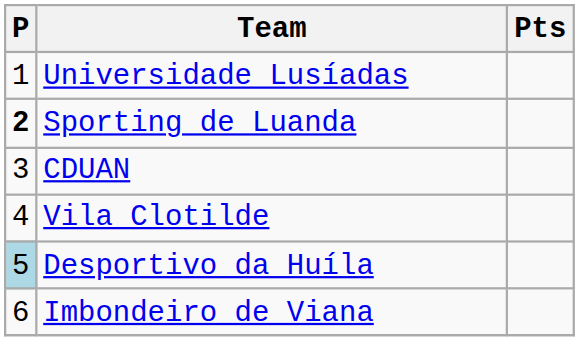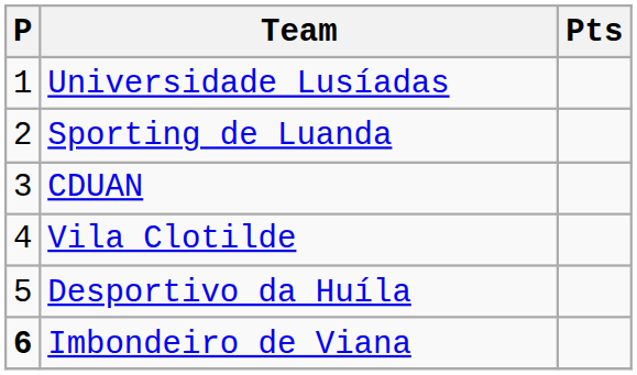 <table class="wikitable">
 <tr>
 <th>P</th>
 <th width=205>Team</th>
 <th>Pts</th>
 </tr>
 <tr>
 <td>1</td>
 <td><a href='#'>Universidade Lusíadas</a></td>
 <td></td>
 </tr>
 <tr>
-<td><strong>2</strong></td>
+<td>2</td>
 <td><a href='#'>Sporting de Luanda</a></td>
 <td></td>
 </tr>
 <tr>
 <td>3</td>
 <td><a href='#'>CDUAN</a></td>
 <td></td>
 </tr>
 <tr>
 <td>4</td>
 <td><a href='#'>Vila Clotilde</a></td>
 <td></td>
 </tr>
 <tr>
-<td style="background: lightblue;">5</td>
+<td>5</td>
 <td><a href='#'>Desportivo da Huíla</a></td>
 <td></td>
 </tr>
 <tr>
-<td>6</td>
+<td><strong>6</strong></td>
 <td><a href='#'>Imbondeiro de Viana</a></td>
 <td></td>
 </tr>
 <tr>
 </tr>
 </table>
